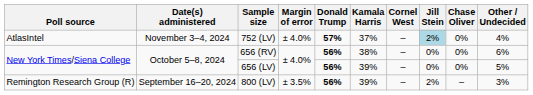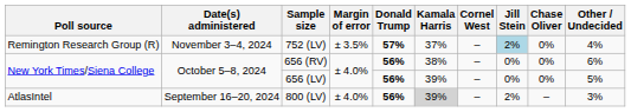 <table class="wikitable sortable mw-datatable" style="font-size:90%;text-align:center;line-height:17px">
 <tr valign=bottom>
 <th>Poll source</th>
 <th>Date(s)<br>administered</th>
 <th>Sample<br>size</th>
 <th>Margin<br>of error</th>
 <th class="unsortable">Donald<br>Trump<br></th>
 <th class="unsortable">Kamala<br>Harris<br></th>
 <th class="unsortable">Cornel<br>West<br></th>
 <th class="unsortable">Jill<br>Stein<br></th>
 <th class="unsortable">Chase<br>Oliver<br></th>
 <th class="unsortable">Other /<br>Undecided</th>
 </tr>
 <tr>
-<td style="text-align:left;">AtlasIntel</td>
+<td style="text-align:left;">Remington Research Group (R)</td>
 <td data-sort-value="2024-11-04">November 3–4, 2024</td>
 <td>752 (LV)</td>
-<td>± 4.0%</td>
+<td>± 3.5%</td>
 <td style="background-color:"><strong>57%</strong></td>
 <td>37%</td>
 <td>–</td>
 <td style="background: lightblue;">2%</td>
 <td>0%</td>
 <td>4%</td>
 </tr>
 <tr>
 <td style="text-align:left;" rowspan="2"><a href='#'>New York Times</a>/<a href='#'>Siena College</a></td>
 <td rowspan="2">October 5–8, 2024</td>
 <td>656 (RV)</td>
 <td rowspan="2">± 4.0%</td>
 <td style="background-color:"><strong>56%</strong></td>
 <td>38%</td>
 <td>–</td>
 <td>0%</td>
 <td>0%</td>
 <td>6%</td>
 </tr>
 <tr>
 <td>656 (LV)</td>
 <td style="background-color:"><strong>56%</strong></td>
 <td>39%</td>
 <td>–</td>
 <td>0%</td>
 <td>0%</td>
 <td>5%</td>
 </tr>
 <tr>
-<td style="text-align:left;">Remington Research Group (R)</td>
+<td style="text-align:left;">AtlasIntel</td>
 <td data-sort-value="2024-09-20">September 16–20, 2024</td>
 <td>800 (LV)</td>
-<td>± 3.5%</td>
+<td>± 4.0%</td>
 <td style="background-color:"><strong>56%</strong></td>
-<td>39%</td>
+<td style="background: lightgrey;">39%</td>
 <td>–</td>
 <td>2%</td>
 <td>–</td>
 <td>3%</td>
 </tr>
 </table>
